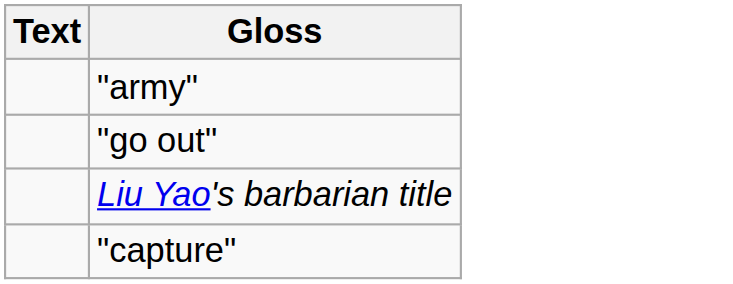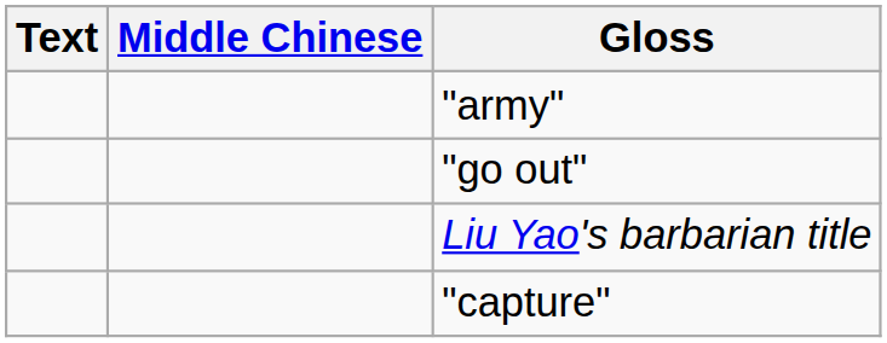 <table class="wikitable">
 <tr>
 <th>Text</th>
+<th><a href='#'>Middle Chinese</a></th>
 <th>Gloss</th>
 </tr>
 <tr>
+<td></td>
 <td></td>
 <td> "army"</td>
 </tr>
 <tr>
 <td></td>
+<td></td>
 <td> "go out"</td>
 </tr>
 <tr>
+<td></td>
 <td></td>
 <td> <em><a href='#'>Liu Yao</a>'s barbarian title</em></td>
 </tr>
 <tr>
 <td></td>
+<td></td>
 <td> "capture"</td>
 </tr>
 </table>
